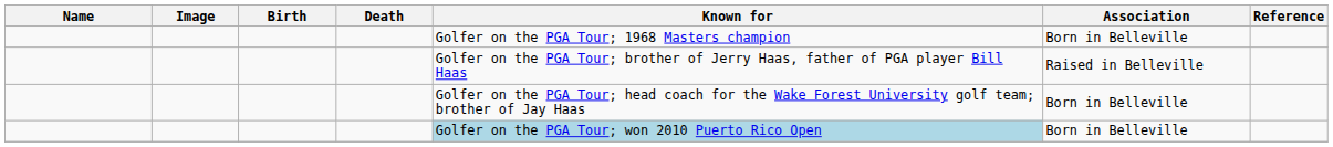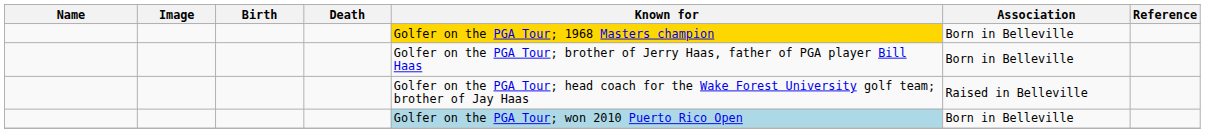 <table class="wikitable sortable">
 <tr>
 <th scope="col" width="140">Name</th>
 <th scope="col" width="80" class="unsortable">Image</th>
 <th scope="col" width="90">Birth</th>
 <th scope="col" width="90">Death</th>
 <th scope="col" width="600" class="unsortable">Known for</th>
 <th scope="col" width="200" class="unsortable">Association</th>
 <th scope="col" width="30" class="unsortable">Reference</th>
 </tr>
 <tr>
 <td></td>
 <td></td>
 <td align=right></td>
 <td align=right></td>
-<td>Golfer on the <a href='#'>PGA Tour</a>; 1968 <a href='#'>Masters champion</a></td>
+<td style="background: gold;">Golfer on the <a href='#'>PGA Tour</a>; 1968 <a href='#'>Masters champion</a></td>
 <td>Born in Belleville</td>
 <td align="center"></td>
 </tr>
 <tr>
 <td></td>
 <td></td>
 <td align=right></td>
 <td></td>
 <td>Golfer on the <a href='#'>PGA Tour</a>; brother of Jerry Haas, father of PGA player <a href='#'>Bill Haas</a></td>
-<td>Raised in Belleville</td>
+<td>Born in Belleville</td>
 <td align="center"></td>
 </tr>
 <tr>
 <td></td>
 <td></td>
 <td align=right></td>
 <td></td>
 <td>Golfer on the <a href='#'>PGA Tour</a>; head coach for the <a href='#'>Wake Forest University</a> golf team; brother of Jay Haas</td>
-<td>Born in Belleville</td>
+<td>Raised in Belleville</td>
 <td align="center"></td>
 </tr>
 <tr>
 <td></td>
 <td></td>
 <td align=right></td>
 <td></td>
 <td style="background: lightblue;">Golfer on the <a href='#'>PGA Tour</a>; won 2010 <a href='#'>Puerto Rico Open</a></td>
 <td>Born in Belleville</td>
 <td align="center"></td>
 </tr>
 <tr>
 </tr>
 </table>
